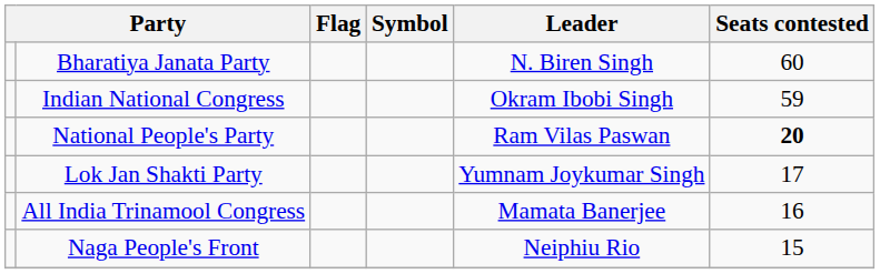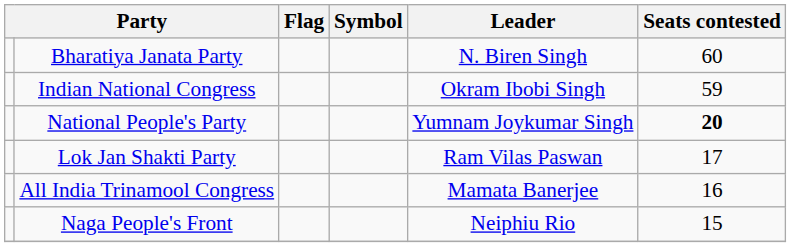 <table class="wikitable" style="text-align:center;">
 <tr>
 <th colspan="2">Party</th>
 <th>Flag</th>
 <th>Symbol</th>
 <th>Leader</th>
 <th>Seats contested</th>
 </tr>
 <tr>
 <td></td>
 <td><a href='#'>Bharatiya Janata Party</a></td>
 <td></td>
 <td></td>
 <td><a href='#'>N. Biren Singh</a></td>
 <td>60</td>
 </tr>
 <tr>
 <td></td>
 <td><a href='#'>Indian National Congress</a></td>
 <td></td>
 <td></td>
 <td><a href='#'>Okram Ibobi Singh</a></td>
 <td>59</td>
 </tr>
 <tr>
 <td></td>
 <td><a href='#'>National People's Party</a></td>
 <td></td>
 <td></td>
-<td><a href='#'>Ram Vilas Paswan</a></td>
+<td><a href='#'>Yumnam Joykumar Singh</a></td>
 <td><strong>20</strong></td>
 </tr>
 <tr>
 <td></td>
 <td><a href='#'>Lok Jan Shakti Party</a></td>
 <td></td>
 <td></td>
-<td><a href='#'>Yumnam Joykumar Singh</a></td>
+<td><a href='#'>Ram Vilas Paswan</a></td>
 <td>17</td>
 </tr>
 <tr>
 <td></td>
 <td><a href='#'>All India Trinamool Congress</a></td>
 <td></td>
 <td></td>
 <td><a href='#'>Mamata Banerjee</a></td>
 <td>16</td>
 </tr>
 <tr>
 <td></td>
 <td><a href='#'>Naga People's Front</a></td>
 <td></td>
 <td></td>
 <td><a href='#'>Neiphiu Rio</a></td>
 <td>15</td>
 </tr>
 <tr>
 </tr>
 </table>
